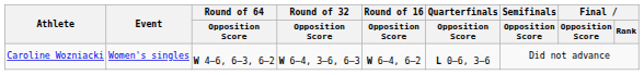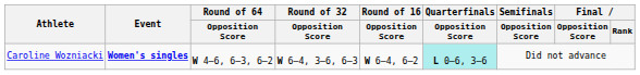 <table class=wikitable style="font-size:90%">
 <tr>
 <th rowspan="2">Athlete</th>
 <th rowspan="2">Event</th>
 <th>Round of 64</th>
 <th>Round of 32</th>
 <th>Round of 16</th>
 <th>Quarterfinals</th>
 <th>Semifinals</th>
 <th colspan=2>Final / </th>
 </tr>
 <tr style="font-size:95%">
 <th>Opposition<br>Score</th>
 <th>Opposition<br>Score</th>
 <th>Opposition<br>Score</th>
 <th>Opposition<br>Score</th>
 <th>Opposition<br>Score</th>
 <th>Opposition<br>Score</th>
 <th>Rank</th>
 </tr>
 <tr align=center>
 <td align=left><a href='#'>Caroline Wozniacki</a></td>
-<td align=left><a href='#'>Women's singles</a></td>
+<td align=left><strong><a href='#'>Women's singles</a></strong></td>
 <td><br><strong>W</strong> 4–6, 6–3, 6–2</td>
 <td><br><strong>W</strong> 6–4, 3–6, 6–3</td>
 <td><br><strong>W</strong> 6–4, 6–2</td>
-<td><br><strong>L</strong> 0–6, 3–6</td>
+<td style="background: paleturquoise;"><br><strong>L</strong> 0–6, 3–6</td>
 <td colspan=3>Did not advance</td>
 </tr>
 </table>
